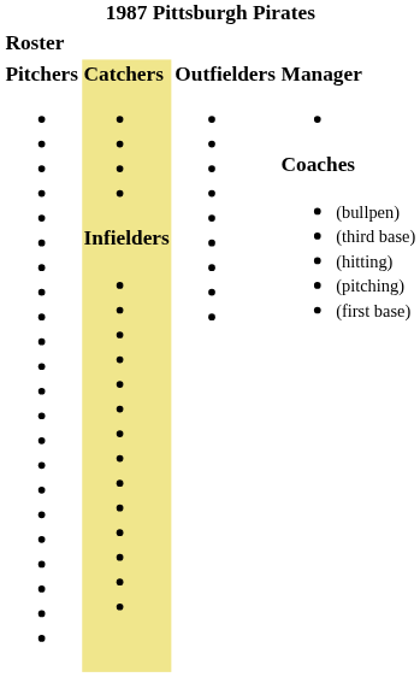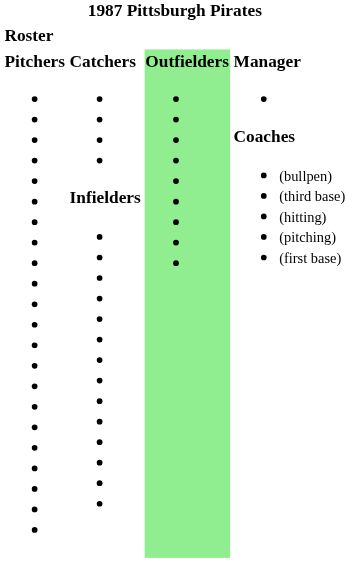 <table class="toccolours" style="font-size: 95%;">
 <tr>
 <th colspan="10">1987 Pittsburgh Pirates</th>
 </tr>
 <tr>
 <td colspan="10"><strong>Roster</strong></td>
 </tr>
 <tr>
 <td valign="top"><strong>Pitchers</strong><br><ul><li></li><li></li><li></li><li></li><li></li><li></li><li></li><li></li><li></li><li></li><li></li><li></li><li></li><li></li><li></li><li></li><li></li><li></li><li></li><li></li><li></li><li></li></ul></td>
-<td valign="top" style="background: khaki;"><strong>Catchers</strong><br><ul><li></li><li></li><li></li><li></li></ul><strong>Infielders</strong><ul><li></li><li></li><li></li><li></li><li></li><li></li><li></li><li></li><li></li><li></li><li></li><li></li><li></li><li></li></ul></td>
-<td valign="top"><strong>Outfielders</strong><br><ul><li></li><li></li><li></li><li></li><li></li><li></li><li></li><li></li><li></li></ul></td>
+<td valign="top"><strong>Catchers</strong><br><ul><li></li><li></li><li></li><li></li></ul><strong>Infielders</strong><ul><li></li><li></li><li></li><li></li><li></li><li></li><li></li><li></li><li></li><li></li><li></li><li></li><li></li><li></li></ul></td>
+<td valign="top" style="background: lightgreen;"><strong>Outfielders</strong><br><ul><li></li><li></li><li></li><li></li><li></li><li></li><li></li><li></li><li></li></ul></td>
 <td valign="top"><strong>Manager</strong><br><ul><li></li></ul><strong>Coaches</strong><ul><li> <small>(bullpen)</small></li><li> <small>(third base)</small></li><li> <small>(hitting)</small></li><li> <small>(pitching)</small></li><li> <small>(first base)</small></li></ul></td>
 </tr>
 </table>
